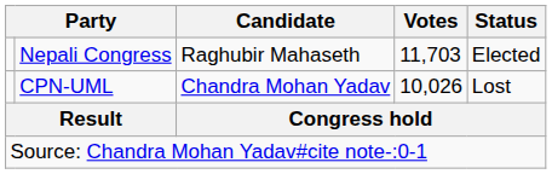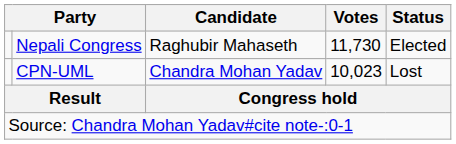 <table class="wikitable"! colspan="4" |>
 <tr>
 <th colspan="2">Party</th>
 <th>Candidate</th>
 <th>Votes</th>
 <th>Status</th>
 </tr>
 <tr>
 <td style="background-color:"></td>
 <td><a href='#'>Nepali Congress</a></td>
 <td>Raghubir Mahaseth</td>
-<td>11,703</td>
+<td>11,730</td>
 <td>Elected</td>
 </tr>
 <tr>
 <td style="background-color:"></td>
 <td><a href='#'>CPN-UML</a></td>
 <td><a href='#'>Chandra Mohan Yadav</a></td>
-<td>10,026</td>
+<td>10,023</td>
 <td>Lost</td>
 </tr>
 <tr>
 <th colspan="2">Result</th>
 <th colspan="3">Congress hold</th>
 </tr>
 <tr>
 <td colspan="5">Source: <a href='#'>Chandra Mohan Yadav#cite note-:0-1</a></td>
 </tr>
 </table>
